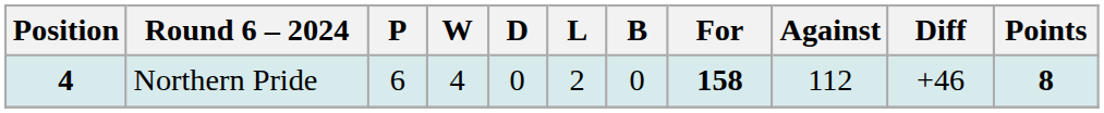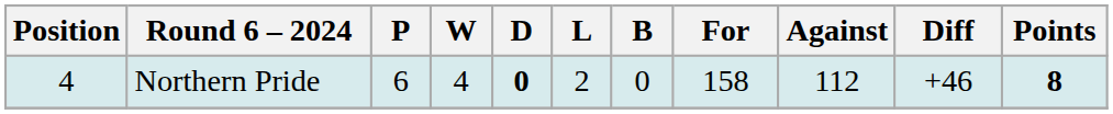 <table class="wikitable" style="text-align:center; font-size:85%;">
 <tr style="background: #d7ebed;">
 <th width="40" abbr="Position">Position</th>
 <th width="100">Round 6 – 2024</th>
 <th width="20" abbr="Played">P</th>
 <th width="20" abbr="Won">W</th>
 <th width="20" abbr="Drawn">D</th>
 <th width="20" abbr="Lost">L</th>
 <th width="20" abbr="Bye">B</th>
 <th width="40" abbr="Points for">For</th>
 <th width="40" abbr="Points against">Against</th>
 <th width="40" abbr="Points difference">Diff</th>
 <th width="40" abbr="Points">Points</th>
 </tr>
 <tr style="background: #d7ebed;">
-<td><strong>4</strong></td>
+<td>4</td>
 <td style="text-align:left;"> Northern Pride</td>
 <td>6</td>
 <td>4</td>
-<td>0</td>
+<td><strong>0</strong></td>
 <td>2</td>
 <td>0</td>
-<td><strong>158</strong></td>
+<td>158</td>
 <td>112</td>
 <td>+46</td>
 <td><strong>8</strong></td>
 </tr>
 <tr>
 </tr>
 </table>
